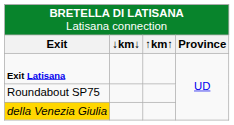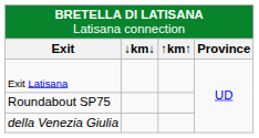 <table class="wikitable">
 <tr>
 </tr>
 <tr align="center" style="color: white;font-size:100%;" bgcolor="#08842c">
 <td colspan="6"> <strong>BRETELLA DI LATISANA</strong><br>Latisana connection</td>
 </tr>
 <tr>
 <th><strong>Exit</strong></th>
 <th align="center"><strong>↓km↓</strong></th>
 <th align="center"><strong>↑km↑</strong></th>
 <th align="center"><strong>Province</strong></th>
 </tr>
 <tr>
-<td><strong>  <br><small>Exit <a href='#'>Latisana</a></small></strong></td>
+<td>  <br><small>Exit <a href='#'>Latisana</a></small></td>
 <td align="right"></td>
 <td align="right"></td>
 <td align="center" rowspan="3"><a href='#'>UD</a></td>
 </tr>
 <tr>
 <td>  Roundabout SP75</td>
 <td align="right"></td>
 <td align="right"></td>
 </tr>
 <tr>
-<td style="background: gold;">  <em>della Venezia Giulia</em></td>
+<td>  <em>della Venezia Giulia</em></td>
 <td align="right"></td>
 <td align="right"></td>
 </tr>
 </table>
